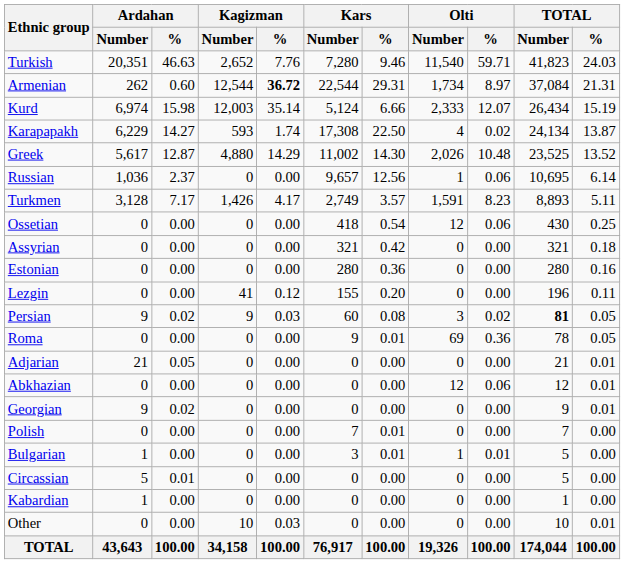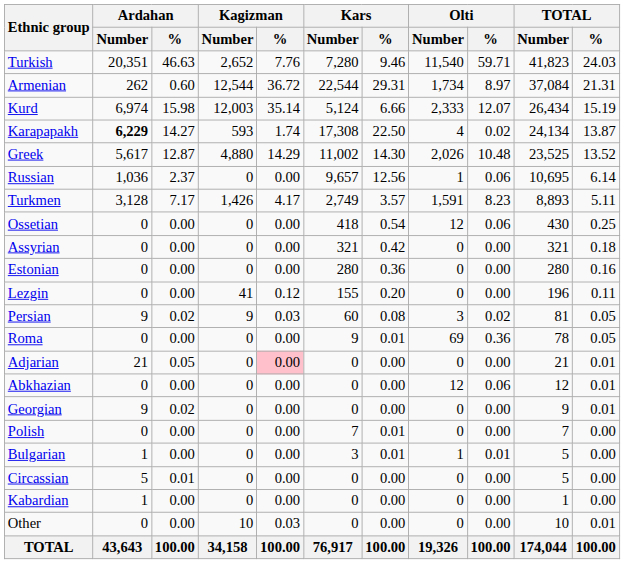 <table class="wikitable sortable">
 <tr>
 <th rowspan="2">Ethnic group</th>
 <th colspan="2">Ardаhan</th>
 <th colspan="2">Kagizman</th>
 <th colspan="2">Kars</th>
 <th colspan="2">Olti</th>
 <th colspan="2">TOTAL</th>
 </tr>
 <tr>
 <th>Number</th>
 <th>%</th>
 <th>Number</th>
 <th>%</th>
 <th>Number</th>
 <th>%</th>
 <th>Number</th>
 <th>%</th>
 <th>Number</th>
 <th>%</th>
 </tr>
 <tr>
 <td><a href='#'>Turkish</a></td>
 <td align="right">20,351</td>
 <td align="right">46.63</td>
 <td align="right">2,652</td>
 <td align="right">7.76</td>
 <td align="right">7,280</td>
 <td align="right">9.46</td>
 <td align="right">11,540</td>
 <td align="right">59.71</td>
 <td align="right">41,823</td>
 <td align="right">24.03</td>
 </tr>
 <tr>
 <td><a href='#'>Armenian</a></td>
 <td align="right">262</td>
 <td align="right">0.60</td>
 <td align="right">12,544</td>
-<td align="right"><strong>36.72</strong></td>
+<td align="right">36.72</td>
 <td align="right">22,544</td>
 <td align="right">29.31</td>
 <td align="right">1,734</td>
 <td align="right">8.97</td>
 <td align="right">37,084</td>
 <td align="right">21.31</td>
 </tr>
 <tr>
 <td><a href='#'>Kurd</a></td>
 <td align="right">6,974</td>
 <td align="right">15.98</td>
 <td align="right">12,003</td>
 <td align="right">35.14</td>
 <td align="right">5,124</td>
 <td align="right">6.66</td>
 <td align="right">2,333</td>
 <td align="right">12.07</td>
 <td align="right">26,434</td>
 <td align="right">15.19</td>
 </tr>
 <tr>
 <td><a href='#'>Karapapakh</a></td>
-<td align="right">6,229</td>
+<td align="right"><strong>6,229</strong></td>
 <td align="right">14.27</td>
 <td align="right">593</td>
 <td align="right">1.74</td>
 <td align="right">17,308</td>
 <td align="right">22.50</td>
 <td align="right">4</td>
 <td align="right">0.02</td>
 <td align="right">24,134</td>
 <td align="right">13.87</td>
 </tr>
 <tr>
 <td><a href='#'>Greek</a></td>
 <td align="right">5,617</td>
 <td align="right">12.87</td>
 <td align="right">4,880</td>
 <td align="right">14.29</td>
 <td align="right">11,002</td>
 <td align="right">14.30</td>
 <td align="right">2,026</td>
 <td align="right">10.48</td>
 <td align="right">23,525</td>
 <td align="right">13.52</td>
 </tr>
 <tr>
 <td><a href='#'>Russian</a></td>
 <td align="right">1,036</td>
 <td align="right">2.37</td>
 <td align="right">0</td>
 <td align="right">0.00</td>
 <td align="right">9,657</td>
 <td align="right">12.56</td>
 <td align="right">1</td>
 <td align="right">0.06</td>
 <td align="right">10,695</td>
 <td align="right">6.14</td>
 </tr>
 <tr>
 <td><a href='#'>Turkmen</a></td>
 <td align="right">3,128</td>
 <td align="right">7.17</td>
 <td align="right">1,426</td>
 <td align="right">4.17</td>
 <td align="right">2,749</td>
 <td align="right">3.57</td>
 <td align="right">1,591</td>
 <td align="right">8.23</td>
 <td align="right">8,893</td>
 <td align="right">5.11</td>
 </tr>
 <tr>
 <td><a href='#'>Ossetian</a></td>
 <td align="right">0</td>
 <td align="right">0.00</td>
 <td align="right">0</td>
 <td align="right">0.00</td>
 <td align="right">418</td>
 <td align="right">0.54</td>
 <td align="right">12</td>
 <td align="right">0.06</td>
 <td align="right">430</td>
 <td align="right">0.25</td>
 </tr>
 <tr>
 <td><a href='#'>Assyrian</a></td>
 <td align="right">0</td>
 <td align="right">0.00</td>
 <td align="right">0</td>
 <td align="right">0.00</td>
 <td align="right">321</td>
 <td align="right">0.42</td>
 <td align="right">0</td>
 <td align="right">0.00</td>
 <td align="right">321</td>
 <td align="right">0.18</td>
 </tr>
 <tr>
 <td><a href='#'>Estonian</a></td>
 <td align="right">0</td>
 <td align="right">0.00</td>
 <td align="right">0</td>
 <td align="right">0.00</td>
 <td align="right">280</td>
 <td align="right">0.36</td>
 <td align="right">0</td>
 <td align="right">0.00</td>
 <td align="right">280</td>
 <td align="right">0.16</td>
 </tr>
 <tr>
 <td><a href='#'>Lezgin</a></td>
 <td align="right">0</td>
 <td align="right">0.00</td>
 <td align="right">41</td>
 <td align="right">0.12</td>
 <td align="right">155</td>
 <td align="right">0.20</td>
 <td align="right">0</td>
 <td align="right">0.00</td>
 <td align="right">196</td>
 <td align="right">0.11</td>
 </tr>
 <tr>
 <td><a href='#'>Persian</a></td>
 <td align="right">9</td>
 <td align="right">0.02</td>
 <td align="right">9</td>
 <td align="right">0.03</td>
 <td align="right">60</td>
 <td align="right">0.08</td>
 <td align="right">3</td>
 <td align="right">0.02</td>
-<td align="right"><strong>81</strong></td>
+<td align="right">81</td>
 <td align="right">0.05</td>
 </tr>
 <tr>
 <td><a href='#'>Roma</a></td>
 <td align="right">0</td>
 <td align="right">0.00</td>
 <td align="right">0</td>
 <td align="right">0.00</td>
 <td align="right">9</td>
 <td align="right">0.01</td>
 <td align="right">69</td>
 <td align="right">0.36</td>
 <td align="right">78</td>
 <td align="right">0.05</td>
 </tr>
 <tr>
 <td><a href='#'>Adjarian</a></td>
 <td align="right">21</td>
 <td align="right">0.05</td>
 <td align="right">0</td>
-<td align="right">0.00</td>
+<td align="right" style="background: pink;">0.00</td>
 <td align="right">0</td>
 <td align="right">0.00</td>
 <td align="right">0</td>
 <td align="right">0.00</td>
 <td align="right">21</td>
 <td align="right">0.01</td>
 </tr>
 <tr>
 <td><a href='#'>Abkhazian</a></td>
 <td align="right">0</td>
 <td align="right">0.00</td>
 <td align="right">0</td>
 <td align="right">0.00</td>
 <td align="right">0</td>
 <td align="right">0.00</td>
 <td align="right">12</td>
 <td align="right">0.06</td>
 <td align="right">12</td>
 <td align="right">0.01</td>
 </tr>
 <tr>
 <td><a href='#'>Georgian</a></td>
 <td align="right">9</td>
 <td align="right">0.02</td>
 <td align="right">0</td>
 <td align="right">0.00</td>
 <td align="right">0</td>
 <td align="right">0.00</td>
 <td align="right">0</td>
 <td align="right">0.00</td>
 <td align="right">9</td>
 <td align="right">0.01</td>
 </tr>
 <tr>
 <td><a href='#'>Polish</a></td>
 <td align="right">0</td>
 <td align="right">0.00</td>
 <td align="right">0</td>
 <td align="right">0.00</td>
 <td align="right">7</td>
 <td align="right">0.01</td>
 <td align="right">0</td>
 <td align="right">0.00</td>
 <td align="right">7</td>
 <td align="right">0.00</td>
 </tr>
 <tr>
 <td><a href='#'>Bulgarian</a></td>
 <td align="right">1</td>
 <td align="right">0.00</td>
 <td align="right">0</td>
 <td align="right">0.00</td>
 <td align="right">3</td>
 <td align="right">0.01</td>
 <td align="right">1</td>
 <td align="right">0.01</td>
 <td align="right">5</td>
 <td align="right">0.00</td>
 </tr>
 <tr>
 <td><a href='#'>Circassian</a></td>
 <td align="right">5</td>
 <td align="right">0.01</td>
 <td align="right">0</td>
 <td align="right">0.00</td>
 <td align="right">0</td>
 <td align="right">0.00</td>
 <td align="right">0</td>
 <td align="right">0.00</td>
 <td align="right">5</td>
 <td align="right">0.00</td>
 </tr>
 <tr>
 <td><a href='#'>Kabardian</a></td>
 <td align="right">1</td>
 <td align="right">0.00</td>
 <td align="right">0</td>
 <td align="right">0.00</td>
 <td align="right">0</td>
 <td align="right">0.00</td>
 <td align="right">0</td>
 <td align="right">0.00</td>
 <td align="right">1</td>
 <td align="right">0.00</td>
 </tr>
 <tr>
 <td>Other</td>
 <td align="right">0</td>
 <td align="right">0.00</td>
 <td align="right">10</td>
 <td align="right">0.03</td>
 <td align="right">0</td>
 <td align="right">0.00</td>
 <td align="right">0</td>
 <td align="right">0.00</td>
 <td align="right">10</td>
 <td align="right">0.01</td>
 </tr>
 <tr>
 <th>TOTAL</th>
 <th>43,643</th>
 <th>100.00</th>
 <th>34,158</th>
 <th>100.00</th>
 <th>76,917</th>
 <th>100.00</th>
 <th>19,326</th>
 <th>100.00</th>
 <th>174,044</th>
 <th>100.00</th>
 </tr>
 </table>
